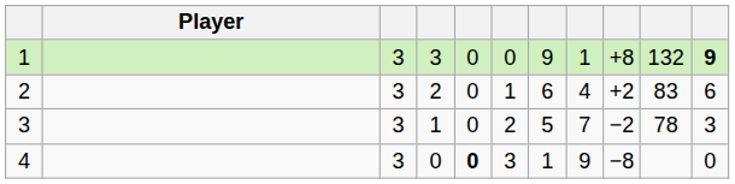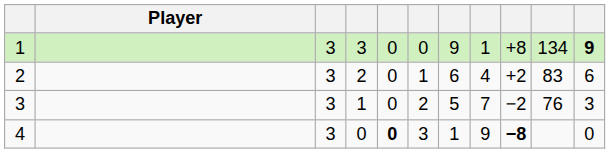 <table class="wikitable" style="text-align:center; margin: 1em auto 1em auto, align:left">
 <tr>
 <th width=20></th>
 <th width=240>Player</th>
 <th width=20></th>
 <th width=20></th>
 <th width=20></th>
 <th width=20></th>
 <th width=20></th>
 <th width=20></th>
 <th width=20></th>
 <th width=30></th>
 <th width=20></th>
 </tr>
 <tr style="background:#D0F0C0;">
 <td>1</td>
 <td align=left></td>
 <td>3</td>
 <td>3</td>
 <td>0</td>
 <td>0</td>
 <td>9</td>
 <td>1</td>
 <td>+8</td>
-<td>132</td>
+<td>134</td>
 <td><strong>9</strong></td>
 </tr>
 <tr style=>
 <td>2</td>
 <td align=left></td>
 <td>3</td>
 <td>2</td>
 <td>0</td>
 <td>1</td>
 <td>6</td>
 <td>4</td>
 <td>+2</td>
 <td>83</td>
 <td>6</td>
 </tr>
 <tr style=>
 <td>3</td>
 <td align=left></td>
 <td>3</td>
 <td>1</td>
 <td>0</td>
 <td>2</td>
 <td>5</td>
 <td>7</td>
 <td>−2</td>
-<td>78</td>
+<td>76</td>
 <td>3</td>
 </tr>
 <tr style=>
 <td>4</td>
 <td align=left></td>
 <td>3</td>
 <td>0</td>
 <td><strong>0</strong></td>
 <td>3</td>
 <td>1</td>
 <td>9</td>
-<td>−8</td>
+<td><strong>−8</strong></td>
 <td></td>
 <td>0</td>
 </tr>
 </table>
